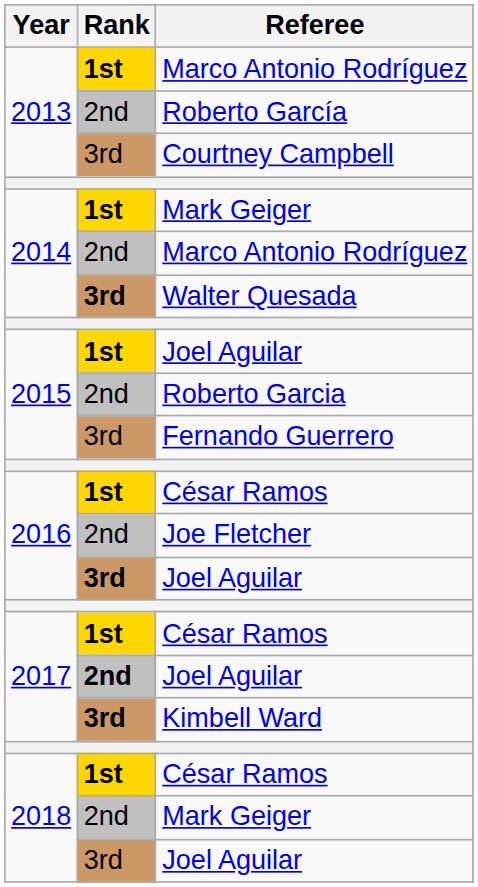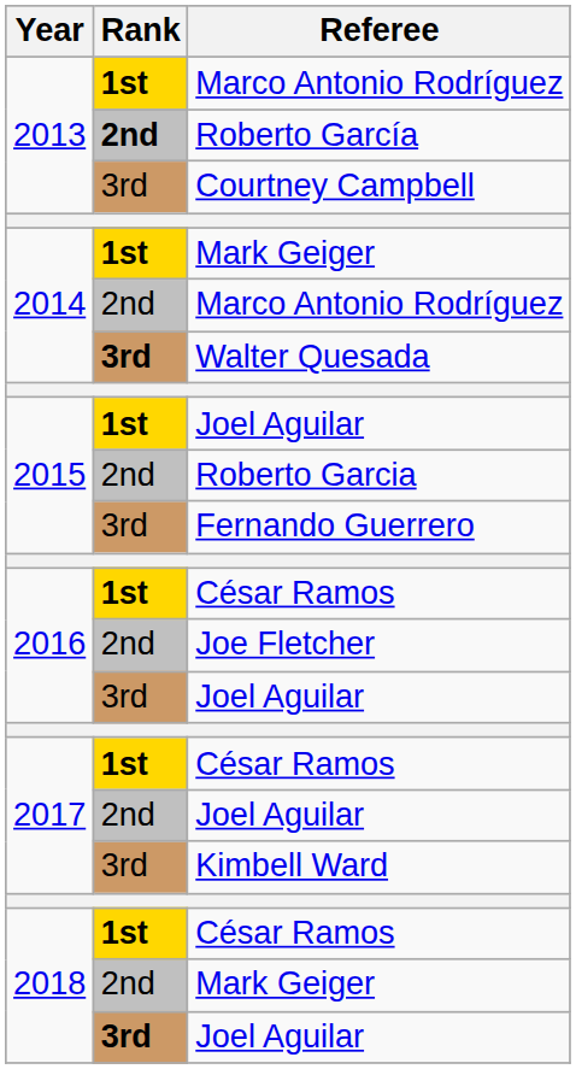 <table class="wikitable">
 <tr>
 <th scope="col">Year</th>
 <th scope="col">Rank</th>
 <th scope="col">Referee</th>
 </tr>
 <tr>
 <td rowspan="3" style="text-align:center"><a href='#'>2013</a></td>
 <td scope="col" style="background-color: gold"><strong>1st</strong></td>
 <td> <a href='#'>Marco Antonio Rodríguez</a></td>
 </tr>
 <tr>
-<td scope="col" style="background-color: silver">2nd</td>
+<td scope="col" style="background-color: silver"><strong>2nd</strong></td>
 <td> <a href='#'>Roberto García</a></td>
 </tr>
 <tr>
 <td scope="col" style="background-color: #cc9966">3rd</td>
 <td> <a href='#'>Courtney Campbell</a></td>
 </tr>
 <tr>
 <th colspan="3"></th>
 </tr>
 <tr>
 <td rowspan="3" style="text-align:center"><a href='#'>2014</a></td>
 <td scope="col" style="background-color: gold"><strong>1st</strong></td>
 <td> <a href='#'>Mark Geiger</a></td>
 </tr>
 <tr>
 <td scope="col" style="background-color: silver">2nd</td>
 <td> <a href='#'>Marco Antonio Rodríguez</a></td>
 </tr>
 <tr>
 <td scope="col" style="background-color: #cc9966"><strong>3rd</strong></td>
 <td> <a href='#'>Walter Quesada</a></td>
 </tr>
 <tr>
 <th colspan="3"></th>
 </tr>
 <tr>
 <td rowspan="3" style="text-align:center"><a href='#'>2015</a></td>
 <td scope="col" style="background-color: gold"><strong>1st</strong></td>
 <td> <a href='#'>Joel Aguilar</a></td>
 </tr>
 <tr>
 <td scope="col" style="background-color: silver">2nd</td>
 <td> <a href='#'>Roberto Garcia</a></td>
 </tr>
 <tr>
 <td scope="col" style="background-color: #cc9966">3rd</td>
 <td> <a href='#'>Fernando Guerrero</a></td>
 </tr>
 <tr>
 <th colspan="3"></th>
 </tr>
 <tr>
 <td rowspan="3" style="text-align:center"><a href='#'>2016</a></td>
 <td scope="col" style="background-color: gold"><strong>1st</strong></td>
 <td> <a href='#'>César Ramos</a></td>
 </tr>
 <tr>
 <td scope="col" style="background-color: silver">2nd</td>
 <td> <a href='#'>Joe Fletcher</a></td>
 </tr>
 <tr>
-<td scope="col" style="background-color: #cc9966"><strong>3rd</strong></td>
+<td scope="col" style="background-color: #cc9966">3rd</td>
 <td> <a href='#'>Joel Aguilar</a></td>
 </tr>
 <tr>
 <th colspan="3"></th>
 </tr>
 <tr>
 <td rowspan="3" style="text-align:center"><a href='#'>2017</a></td>
 <td scope="col" style="background-color: gold"><strong>1st</strong></td>
 <td> <a href='#'>César Ramos</a></td>
 </tr>
 <tr>
-<td scope="col" style="background-color: silver"><strong>2nd</strong></td>
+<td scope="col" style="background-color: silver">2nd</td>
 <td> <a href='#'>Joel Aguilar</a></td>
 </tr>
 <tr>
-<td scope="col" style="background-color: #cc9966"><strong>3rd</strong></td>
+<td scope="col" style="background-color: #cc9966">3rd</td>
 <td> <a href='#'>Kimbell Ward</a></td>
 </tr>
 <tr>
 <th colspan="3"></th>
 </tr>
 <tr>
 <td rowspan="3" style="text-align:center"><a href='#'>2018</a></td>
 <td scope="col" style="background-color: gold"><strong>1st</strong></td>
 <td> <a href='#'>César Ramos</a></td>
 </tr>
 <tr>
 <td scope="col" style="background-color: silver">2nd</td>
 <td> <a href='#'>Mark Geiger</a></td>
 </tr>
 <tr>
-<td scope="col" style="background-color: #cc9966">3rd</td>
+<td scope="col" style="background-color: #cc9966"><strong>3rd</strong></td>
 <td> <a href='#'>Joel Aguilar</a></td>
 </tr>
 </table>
